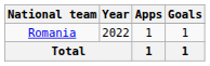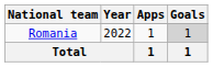 <table class="wikitable" style="text-align: center;">
 <tr>
 <th>National team</th>
 <th>Year</th>
 <th>Apps</th>
 <th>Goals</th>
 </tr>
 <tr>
 <td rowspan="2"><a href='#'>Romania</a></td>
 </tr>
 <tr>
 <td>2022</td>
 <td>1</td>
-<td>1</td>
+<td style="background: lightgrey;">1</td>
 </tr>
 <tr>
 <th colspan=2>Total</th>
 <th>1</th>
 <th>1</th>
 </tr>
 </table>
